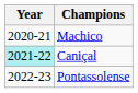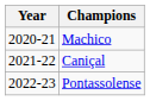 <table class="wikitable" style="text-align:left">
 <tr>
 <th style= width="100px">Year</th>
 <th style= width="400px">Champions</th>
 </tr>
 <tr>
 <td>2020-21</td>
 <td><a href='#'>Machico</a></td>
 </tr>
 <tr>
-<td style="background: paleturquoise;">2021-22</td>
+<td>2021-22</td>
 <td><a href='#'>Caniçal</a></td>
 </tr>
 <tr>
 <td>2022-23</td>
 <td><a href='#'>Pontassolense</a></td>
 </tr>
 </table>
